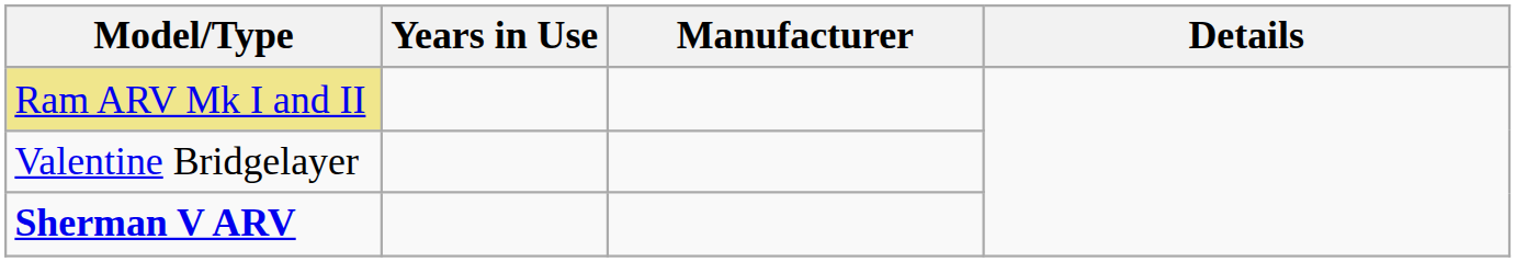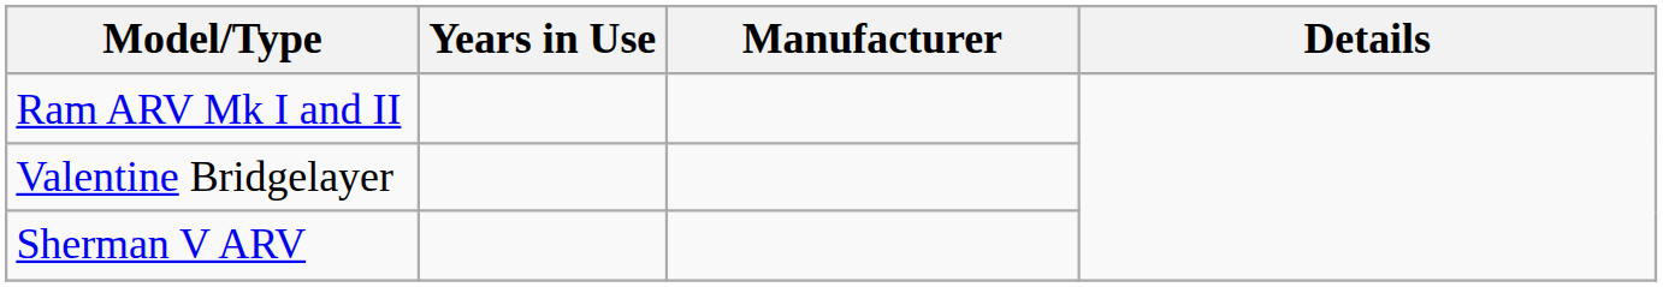 <table class="wikitable sortable">
 <tr>
 <th style="width: 25%">Model/Type</th>
 <th style="width: 15%">Years in Use</th>
 <th style="width: 25%">Manufacturer</th>
 <th class="unsortable" style="width: 35%">Details</th>
 </tr>
 <tr>
-<td style="background: khaki;"><a href='#'>Ram ARV Mk I and II</a></td>
+<td><a href='#'>Ram ARV Mk I and II</a></td>
 <td></td>
 <td></td>
 </tr>
 <tr>
 <td><a href='#'>Valentine</a> Bridgelayer</td>
 <td></td>
 <td></td>
 </tr>
 <tr>
-<td><strong><a href='#'>Sherman V ARV</a></strong></td>
+<td><a href='#'>Sherman V ARV</a></td>
 <td></td>
 <td></td>
 </tr>
 </table>
